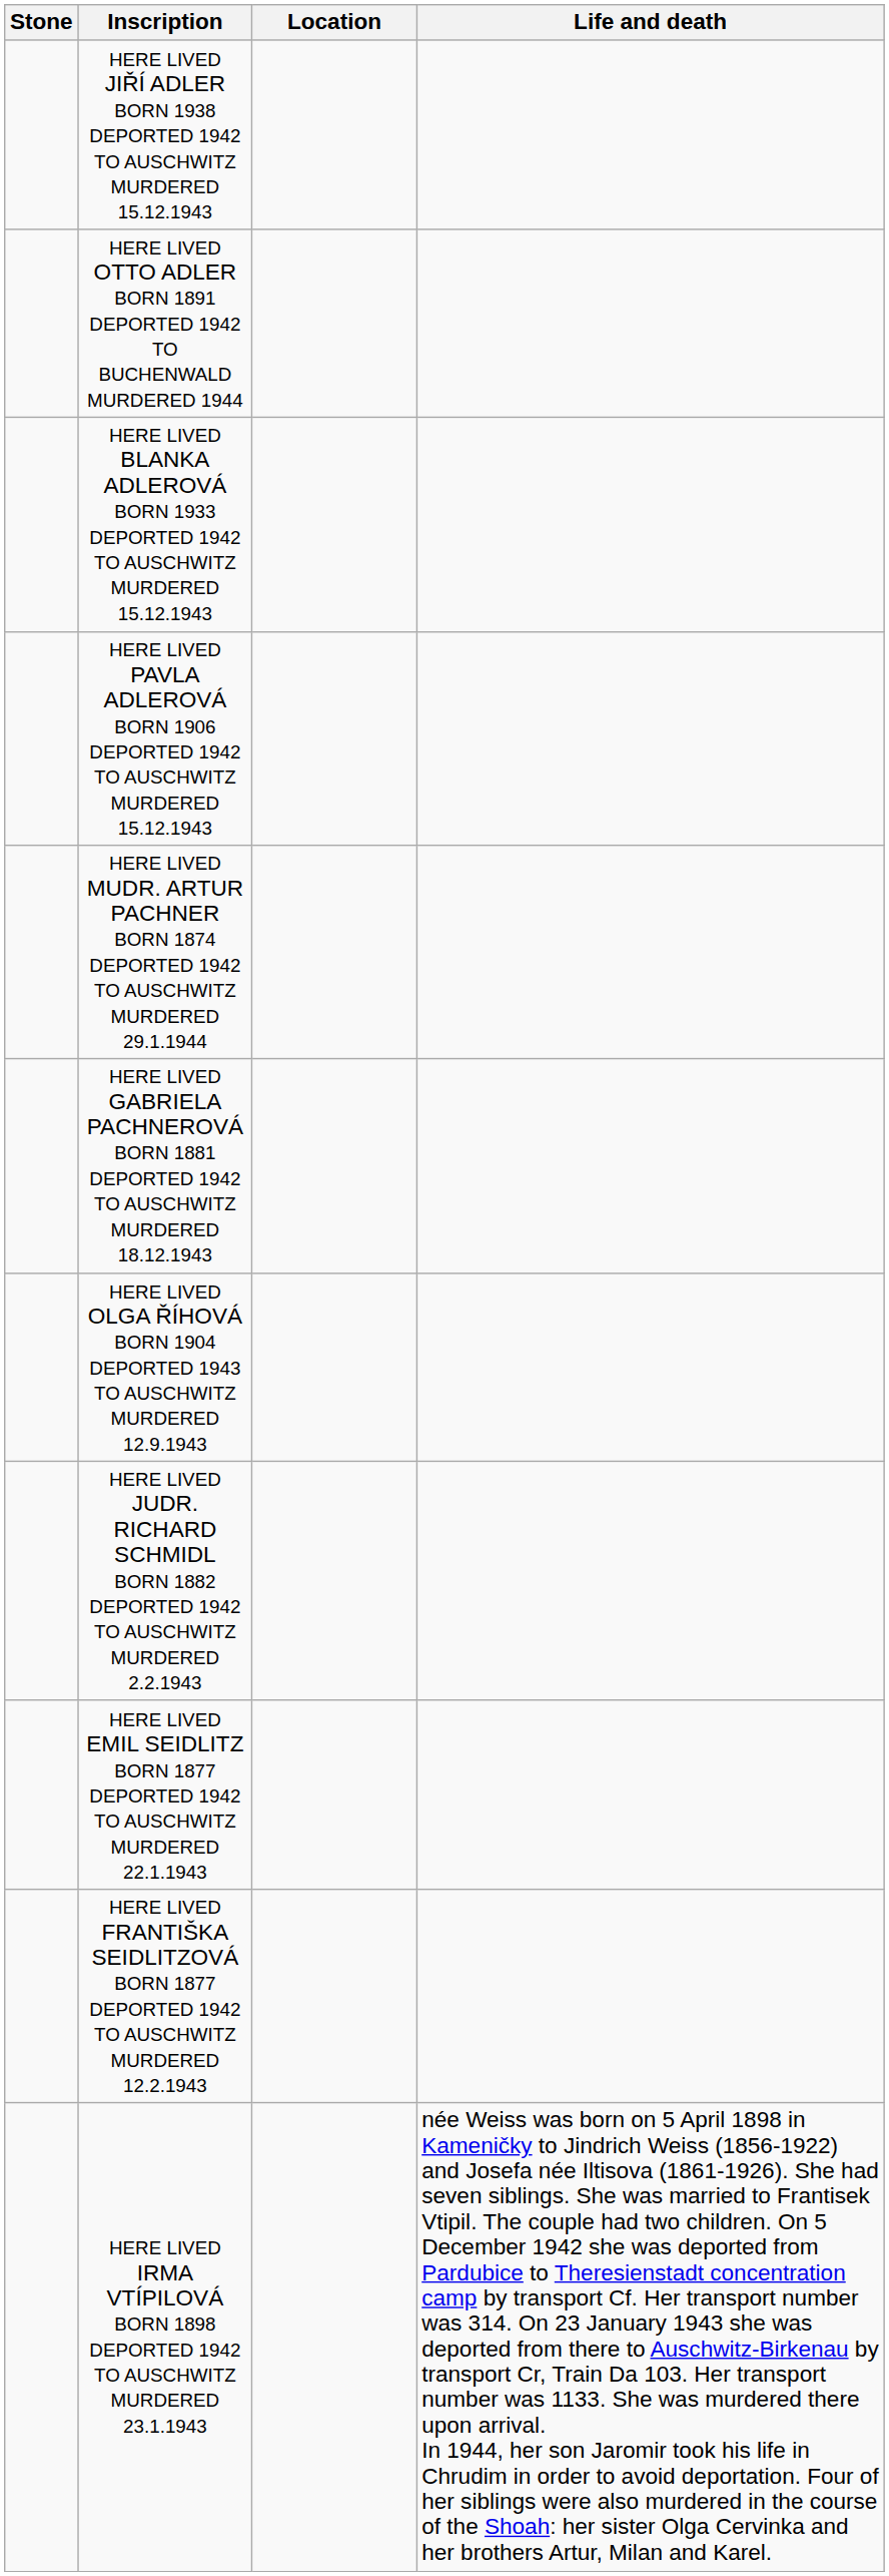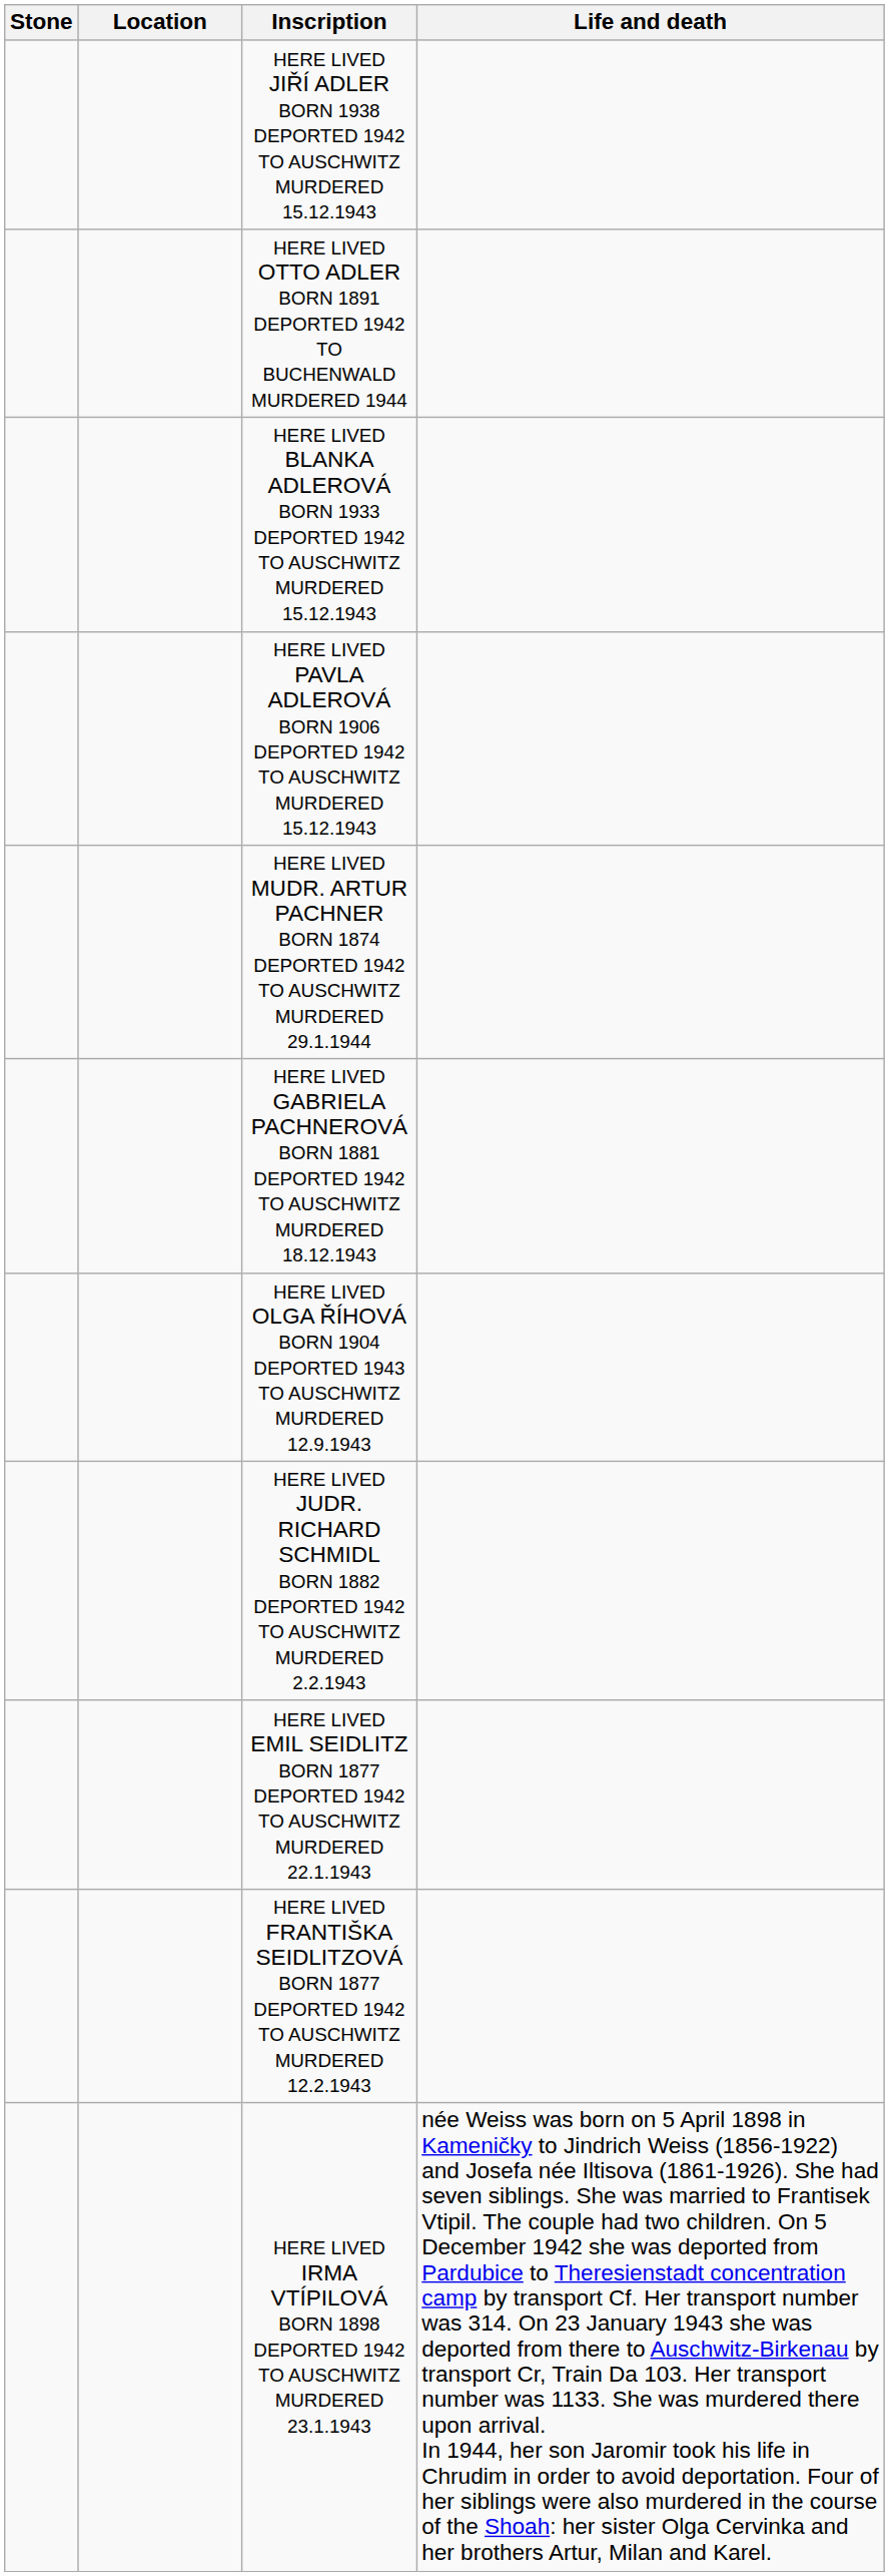 <table class="wikitable sortable toptextcells" style="width:100%">
 <tr>
 <th class="hintergrundfarbe6 unsortable" width="120px">Stone</th>
+<th class="hintergrundfarbe6" data-sort-type="text" style ="width:20%;">Location</th>
 <th class="hintergrundfarbe6 unsortable" style ="width:20%;">Inscription</th>
-<th class="hintergrundfarbe6" data-sort-type="text" style ="width:20%;">Location</th>
 <th class="hintergrundfarbe6" style="width:100%;">Life and death</th>
 </tr>
 <tr>
 <td></td>
+<td></td>
 <td style="text-align:center"><div><small>HERE LIVED</small><br>JIŘÍ ADLER<br><small>BORN 1938<br>DEPORTED 1942<br>TO AUSCHWITZ<br>MURDERED 15.12.1943</small></div></td>
-<td></td>
 <td><strong></strong></td>
 </tr>
 <tr>
 <td></td>
+<td></td>
 <td style="text-align:center"><div><small>HERE LIVED</small><br>OTTO ADLER<br><small>BORN 1891<br>DEPORTED 1942<br>TO BUCHENWALD<br>MURDERED 1944</small></div></td>
-<td></td>
 <td><strong></strong></td>
 </tr>
 <tr>
 <td></td>
+<td></td>
 <td style="text-align:center"><div><small>HERE LIVED</small><br>BLANKA ADLEROVÁ<br><small>BORN 1933<br>DEPORTED 1942<br>TO AUSCHWITZ<br>MURDERED 15.12.1943</small></div></td>
-<td></td>
 <td><strong></strong></td>
 </tr>
 <tr>
 <td></td>
+<td></td>
 <td style="text-align:center"><div><small>HERE LIVED</small><br>PAVLA ADLEROVÁ<br><small>BORN 1906<br>DEPORTED 1942<br>TO AUSCHWITZ<br>MURDERED 15.12.1943</small></div></td>
-<td></td>
 <td><strong></strong></td>
 </tr>
 <tr>
 <td></td>
+<td></td>
 <td style="text-align:center"><div><small>HERE LIVED</small><br>MUDR. ARTUR<br>PACHNER<br><small>BORN 1874<br>DEPORTED 1942<br>TO AUSCHWITZ<br>MURDERED 29.1.1944</small></div></td>
-<td></td>
 <td><strong></strong></td>
 </tr>
 <tr>
 <td></td>
+<td></td>
 <td style="text-align:center"><div><small>HERE LIVED</small><br>GABRIELA<br>PACHNEROVÁ<br><small>BORN 1881<br>DEPORTED 1942<br>TO AUSCHWITZ<br>MURDERED 18.12.1943</small></div></td>
-<td></td>
 <td><strong></strong></td>
 </tr>
 <tr>
 <td></td>
+<td></td>
 <td style="text-align:center"><div><small>HERE LIVED</small><br>OLGA ŘÍHOVÁ<br><small>BORN 1904<br>DEPORTED 1943<br>TO AUSCHWITZ<br>MURDERED 12.9.1943</small></div></td>
-<td></td>
 <td><strong></strong></td>
 </tr>
 <tr>
 <td></td>
+<td></td>
 <td style="text-align:center"><div><small>HERE LIVED</small><br>JUDR. RICHARD<br>SCHMIDL<br><small>BORN 1882<br>DEPORTED 1942<br>TO AUSCHWITZ<br>MURDERED 2.2.1943</small></div></td>
-<td></td>
 <td><strong></strong></td>
 </tr>
 <tr>
 <td></td>
+<td></td>
 <td style="text-align:center"><div><small>HERE LIVED</small><br>EMIL SEIDLITZ<br><small>BORN 1877<br>DEPORTED 1942<br>TO AUSCHWITZ<br>MURDERED 22.1.1943</small></div></td>
-<td></td>
 <td><strong></strong></td>
 </tr>
 <tr>
 <td></td>
+<td></td>
 <td style="text-align:center"><div><small>HERE LIVED</small><br>FRANTIŠKA<br>SEIDLITZOVÁ<br><small>BORN 1877<br>DEPORTED 1942<br>TO AUSCHWITZ<br>MURDERED 12.2.1943</small></div></td>
-<td></td>
 <td><strong></strong> </td>
 </tr>
 <tr>
 <td></td>
+<td></td>
 <td style="text-align:center"><div><small>HERE LIVED</small><br>IRMA VTÍPILOVÁ<br><small>BORN 1898<br>DEPORTED 1942<br>TO AUSCHWITZ<br>MURDERED 23.1.1943</small></div></td>
-<td></td>
 <td><strong></strong> née Weiss was born on 5 April 1898 in <a href='#'>Kameničky</a> to Jindrich Weiss (1856-1922) and Josefa née Iltisova (1861-1926). She had seven siblings. She was married to Frantisek Vtipil. The couple had two children. On 5 December 1942 she was deported from <a href='#'>Pardubice</a> to <a href='#'>Theresienstadt concentration camp</a> by transport Cf. Her transport number was 314. On 23 January 1943 she was deported from there to <a href='#'>Auschwitz-Birkenau</a> by transport Cr, Train Da 103. Her transport number was 1133. She was murdered there upon arrival.<br>In 1944, her son Jaromir took his life in Chrudim in order to avoid deportation. Four of her siblings were also murdered in the course of the <a href='#'>Shoah</a>: her sister Olga Cervinka and her brothers Artur, Milan and Karel.</td>
 </tr>
 </table>
